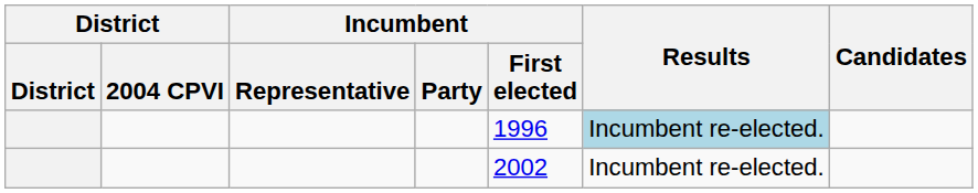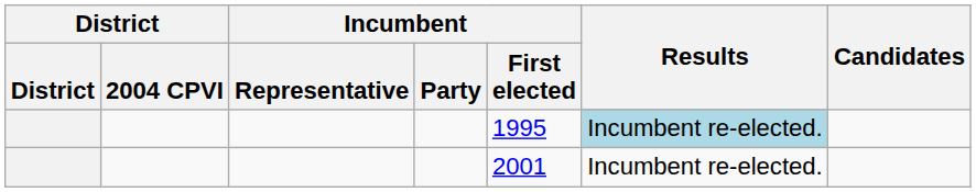 <table class="wikitable sortable">
 <tr>
 <th colspan=2>District</th>
 <th colspan=3>Incumbent</th>
 <th rowspan=2>Results</th>
 <th rowspan=2>Candidates</th>
 </tr>
 <tr valign=bottom>
 <th>District</th>
 <th>2004 CPVI</th>
 <th>Representative</th>
 <th>Party</th>
 <th>First<br>elected</th>
 </tr>
 <tr>
 <th></th>
 <td></td>
 <td></td>
 <td></td>
-<td><a href='#'>1996</a></td>
+<td><a href='#'>1995</a></td>
 <td style="background: lightblue;">Incumbent re-elected.</td>
 <td nowrap></td>
 </tr>
 <tr>
 <th></th>
 <td></td>
 <td></td>
 <td></td>
-<td><a href='#'>2002</a></td>
+<td><a href='#'>2001</a></td>
 <td>Incumbent re-elected.</td>
 <td nowrap></td>
 </tr>
 </table>
